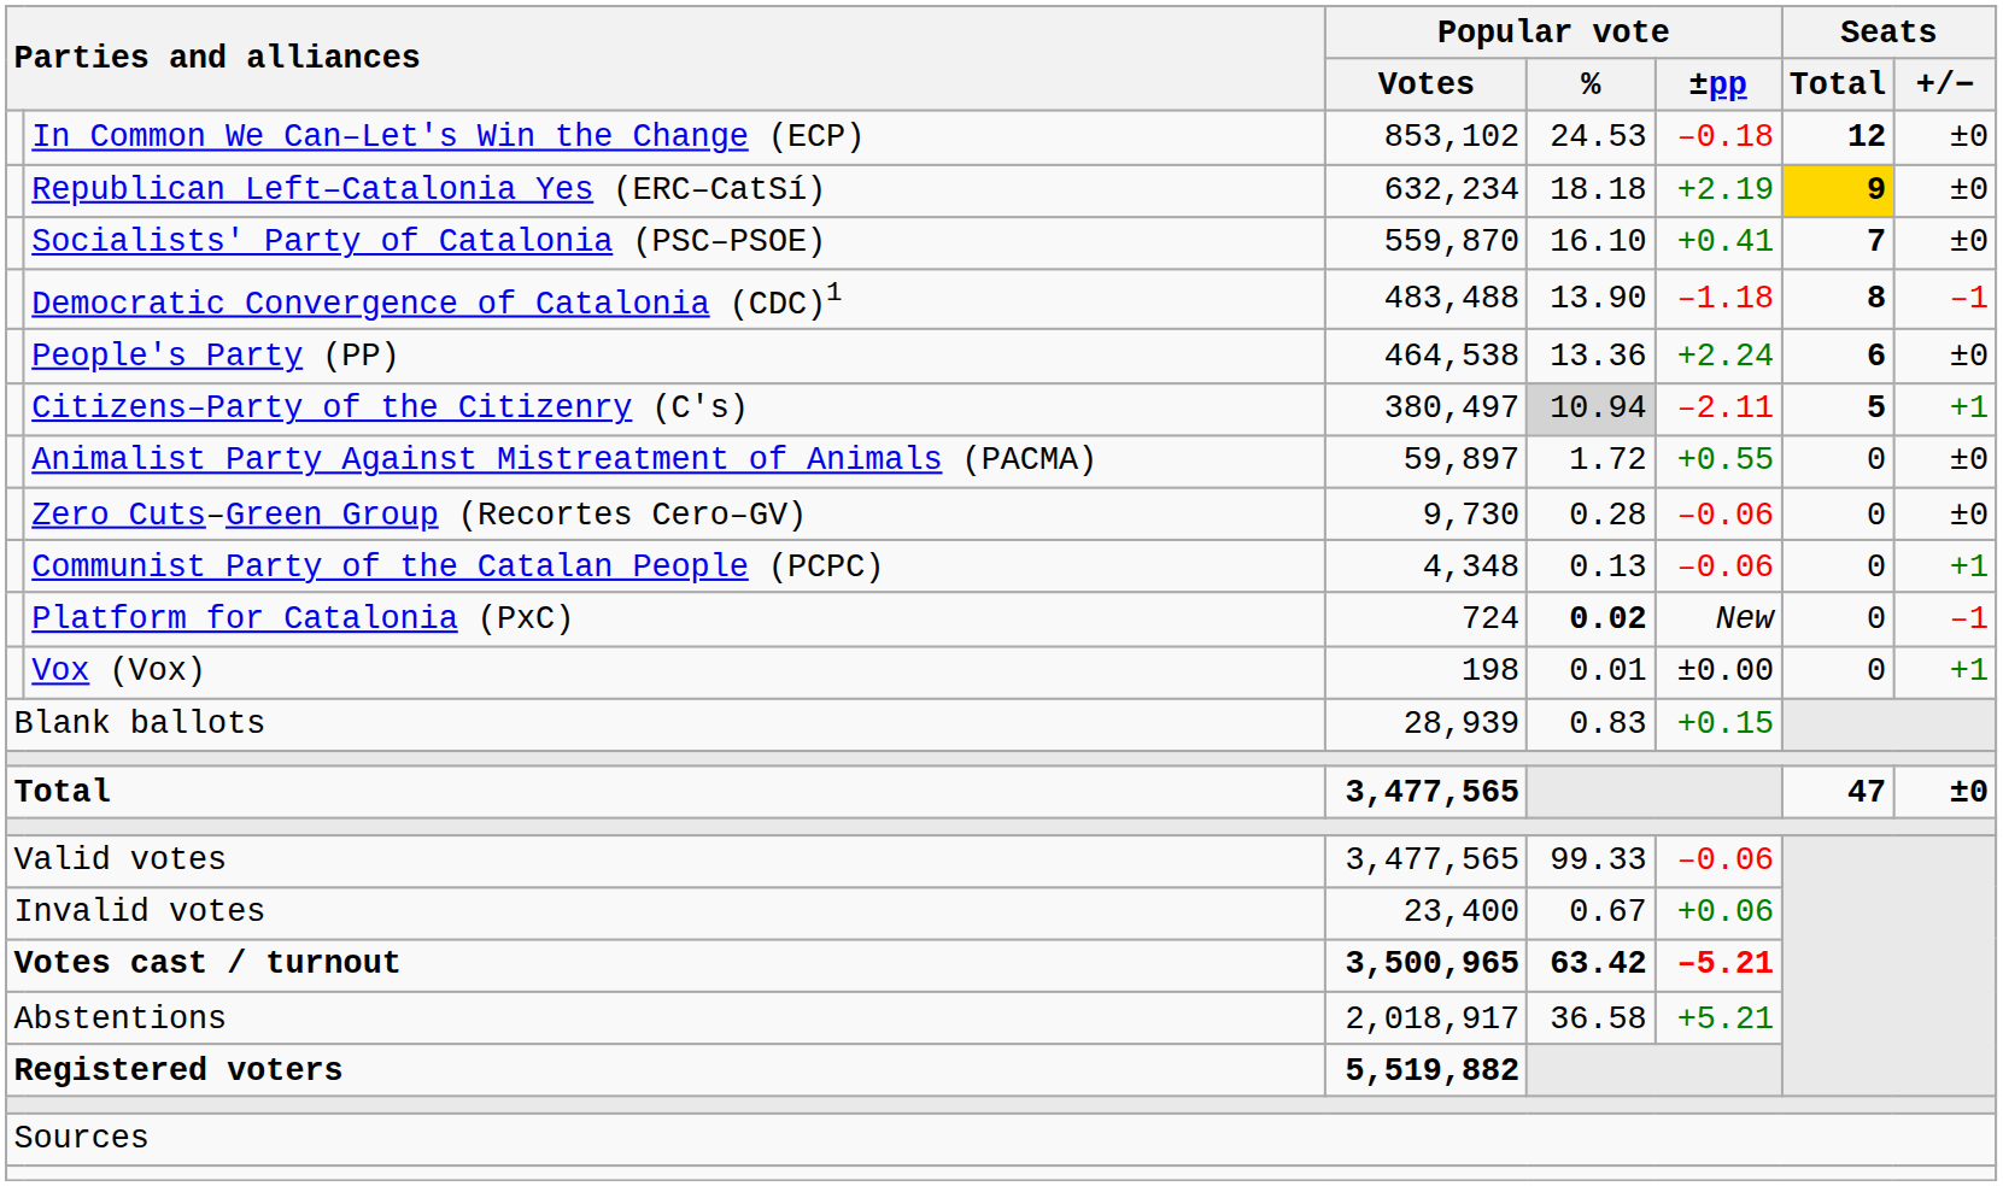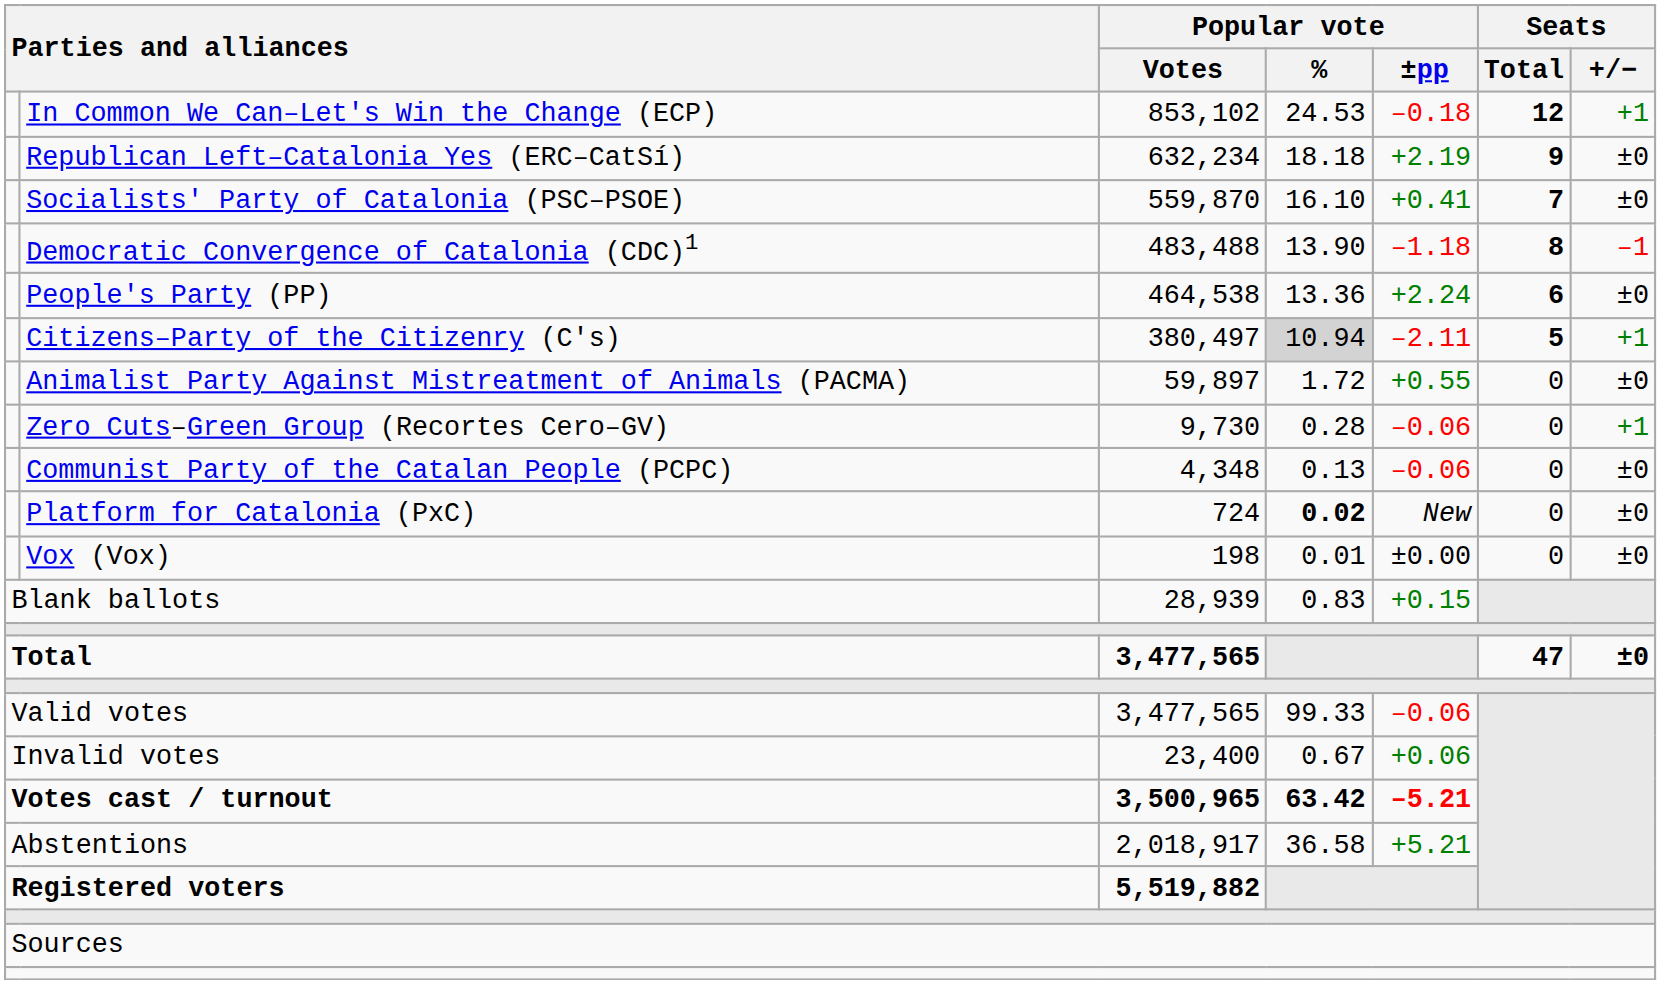 <table class="wikitable" style="text-align:right;">
 <tr>
 <th style="text-align:left;" rowspan="2" colspan="2" width="525">Parties and alliances</th>
 <th colspan="3">Popular vote</th>
 <th colspan="2">Seats</th>
 </tr>
 <tr>
 <th width="75">Votes</th>
 <th width="45">%</th>
 <th width="45">±<a href='#'>pp</a></th>
 <th width="35">Total</th>
 <th width="35">+/−</th>
 </tr>
 <tr>
 <td width="1" style="color:inherit;background:"></td>
 <td align="left"><a href='#'>In Common We Can–Let's Win the Change</a> (ECP)</td>
 <td>853,102</td>
 <td>24.53</td>
 <td style="color:red;">–0.18</td>
 <td><strong>12</strong></td>
-<td>±0</td>
+<td style="color:green;">+1</td>
 </tr>
 <tr>
 <td style="color:inherit;background:"></td>
 <td align="left"><a href='#'>Republican Left–Catalonia Yes</a> (ERC–CatSí)</td>
 <td>632,234</td>
 <td>18.18</td>
 <td style="color:green;">+2.19</td>
-<td style="background: gold;"><strong>9</strong></td>
+<td><strong>9</strong></td>
 <td>±0</td>
 </tr>
 <tr>
 <td style="color:inherit;background:"></td>
 <td align="left"><a href='#'>Socialists' Party of Catalonia</a> (PSC–PSOE)</td>
 <td>559,870</td>
 <td>16.10</td>
 <td style="color:green;">+0.41</td>
 <td><strong>7</strong></td>
 <td>±0</td>
 </tr>
 <tr>
 <td style="color:inherit;background:"></td>
 <td align="left"><a href='#'>Democratic Convergence of Catalonia</a> (CDC)<sup>1</sup></td>
 <td>483,488</td>
 <td>13.90</td>
 <td style="color:red;">–1.18</td>
 <td><strong>8</strong></td>
 <td style="color:red;">–1</td>
 </tr>
 <tr>
 <td style="color:inherit;background:"></td>
 <td align="left"><a href='#'>People's Party</a> (PP)</td>
 <td>464,538</td>
 <td>13.36</td>
 <td style="color:green;">+2.24</td>
 <td><strong>6</strong></td>
 <td>±0</td>
 </tr>
 <tr>
 <td style="color:inherit;background:"></td>
 <td align="left"><a href='#'>Citizens–Party of the Citizenry</a> (C's)</td>
 <td>380,497</td>
 <td style="background: lightgrey;">10.94</td>
 <td style="color:red;">–2.11</td>
 <td><strong>5</strong></td>
 <td style="color:green;">+1</td>
 </tr>
 <tr>
 <td style="color:inherit;background:"></td>
 <td align="left"><a href='#'>Animalist Party Against Mistreatment of Animals</a> (PACMA)</td>
 <td>59,897</td>
 <td>1.72</td>
 <td style="color:green;">+0.55</td>
 <td>0</td>
 <td>±0</td>
 </tr>
 <tr>
 <td style="color:inherit;background:"></td>
 <td align="left"><a href='#'>Zero Cuts</a>–<a href='#'>Green Group</a> (Recortes Cero–GV)</td>
 <td>9,730</td>
 <td>0.28</td>
 <td style="color:red;">–0.06</td>
 <td>0</td>
-<td>±0</td>
+<td style="color:green;">+1</td>
 </tr>
 <tr>
 <td style="color:inherit;background:"></td>
 <td align="left"><a href='#'>Communist Party of the Catalan People</a> (PCPC)</td>
 <td>4,348</td>
 <td>0.13</td>
 <td style="color:red;">–0.06</td>
 <td>0</td>
-<td style="color:green;">+1</td>
+<td>±0</td>
 </tr>
 <tr>
 <td style="color:inherit;background:"></td>
 <td align="left"><a href='#'>Platform for Catalonia</a> (PxC)</td>
 <td>724</td>
 <td><strong>0.02</strong></td>
 <td><em>New</em></td>
 <td>0</td>
-<td style="color:red;">–1</td>
+<td>±0</td>
 </tr>
 <tr>
 <td style="color:inherit;background:"></td>
 <td align="left"><a href='#'>Vox</a> (Vox)</td>
 <td>198</td>
 <td>0.01</td>
 <td>±0.00</td>
 <td>0</td>
-<td style="color:green;">+1</td>
+<td>±0</td>
 </tr>
 <tr>
 <td align="left" colspan="2">Blank ballots</td>
 <td>28,939</td>
 <td>0.83</td>
 <td style="color:green;">+0.15</td>
 <td bgcolor="#E9E9E9" colspan="2"></td>
 </tr>
 <tr>
 <td colspan="7" bgcolor="#E9E9E9"></td>
 </tr>
 <tr style="font-weight:bold;">
 <td align="left" colspan="2">Total</td>
 <td>3,477,565</td>
 <td bgcolor="#E9E9E9" colspan="2"></td>
 <td>47</td>
 <td>±0</td>
 </tr>
 <tr>
 <td colspan="7" bgcolor="#E9E9E9"></td>
 </tr>
 <tr>
 <td align="left" colspan="2">Valid votes</td>
 <td>3,477,565</td>
 <td>99.33</td>
 <td style="color:red;">–0.06</td>
 <td bgcolor="#E9E9E9" colspan="2" rowspan="5"></td>
 </tr>
 <tr>
 <td align="left" colspan="2">Invalid votes</td>
 <td>23,400</td>
 <td>0.67</td>
 <td style="color:green;">+0.06</td>
 </tr>
 <tr style="font-weight:bold;">
 <td align="left" colspan="2">Votes cast / turnout</td>
 <td>3,500,965</td>
 <td>63.42</td>
 <td style="color:red;">–5.21</td>
 </tr>
 <tr>
 <td align="left" colspan="2">Abstentions</td>
 <td>2,018,917</td>
 <td>36.58</td>
 <td style="color:green;">+5.21</td>
 </tr>
 <tr style="font-weight:bold;">
 <td align="left" colspan="2">Registered voters</td>
 <td>5,519,882</td>
 <td bgcolor="#E9E9E9" colspan="2"></td>
 </tr>
 <tr>
 <td colspan="7" bgcolor="#E9E9E9"></td>
 </tr>
 <tr>
 <td align="left" colspan="7">Sources</td>
 </tr>
 <tr>
 <td colspan="7" style="text-align:left; max-width:790px;"></td>
 </tr>
 </table>
